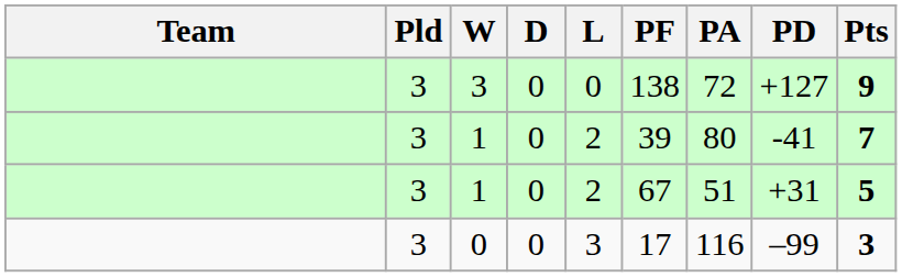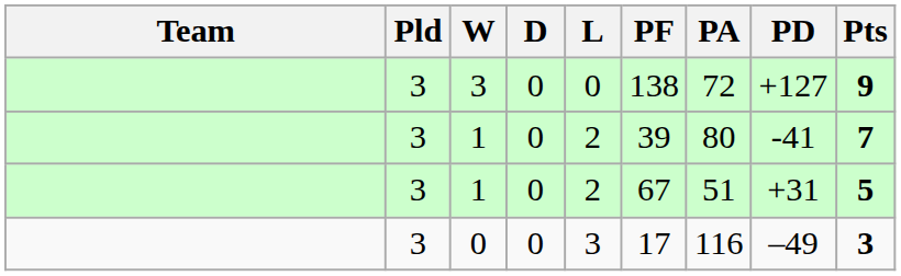 <table class="wikitable" style="text-align:center;">
 <tr>
 <th width=175>Team</th>
 <th width=20 abbr="Played">Pld</th>
 <th width=20 abbr="Won">W</th>
 <th width=20 abbr="Drawn">D</th>
 <th width=20 abbr="Lost">L</th>
 <th width=20 abbr="Points for">PF</th>
 <th width=20 abbr="Points against">PA</th>
 <th width=25 abbr="Points difference">PD</th>
 <th width=20 abbr="Points">Pts</th>
 </tr>
 <tr style="background:#ccffcc">
 <td align=left></td>
 <td>3</td>
 <td>3</td>
 <td>0</td>
 <td>0</td>
 <td>138</td>
 <td>72</td>
 <td>+127</td>
 <td><strong>9</strong></td>
 </tr>
 <tr style="background:#ccffcc">
 <td align=left></td>
 <td>3</td>
 <td>1</td>
 <td>0</td>
 <td>2</td>
 <td>39</td>
 <td>80</td>
 <td>-41</td>
 <td><strong>7</strong></td>
 </tr>
 <tr style="background:#ccffcc">
 <td align=left></td>
 <td>3</td>
 <td>1</td>
 <td>0</td>
 <td>2</td>
 <td>67</td>
 <td>51</td>
 <td>+31</td>
 <td><strong>5</strong></td>
 </tr>
 <tr>
 <td align=left></td>
 <td>3</td>
 <td>0</td>
 <td>0</td>
 <td>3</td>
 <td>17</td>
 <td>116</td>
-<td>–99</td>
+<td>–49</td>
 <td><strong>3</strong></td>
 </tr>
 </table>
